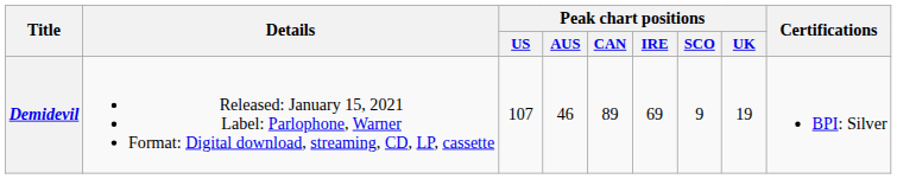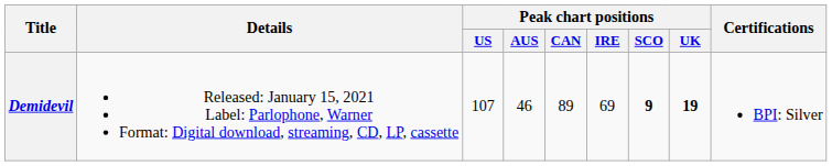 <table class="wikitable plainrowheaders" style="text-align:center;">
 <tr>
 <th scope="col" rowspan="2">Title</th>
 <th scope="col" rowspan="2">Details</th>
 <th scope="col" colspan="6">Peak chart positions</th>
 <th scope="col" rowspan="2">Certifications</th>
 </tr>
 <tr>
 <th scope="col" style="width:2.5em;font-size:90%;"><a href='#'>US</a><br></th>
 <th scope="col" style="width:2.5em;font-size:90%;"><a href='#'>AUS</a><br></th>
 <th scope="col" style="width:2.5em;font-size:90%;"><a href='#'>CAN</a><br></th>
 <th scope="col" style="width:2.5em;font-size:90%;"><a href='#'>IRE</a><br></th>
 <th scope="col" style="width:2.5em;font-size:90%;"><a href='#'>SCO</a><br></th>
 <th scope="col" style="width:2.5em;font-size:90%;"><a href='#'>UK</a><br></th>
 </tr>
 <tr>
 <th scope="row"><em><a href='#'>Demidevil</a></em></th>
 <td><br><ul><li>Released: January 15, 2021</li><li>Label: <a href='#'>Parlophone</a>, <a href='#'>Warner</a></li><li>Format: <a href='#'>Digital download</a>, <a href='#'>streaming</a>, <a href='#'>CD</a>, <a href='#'>LP</a>, <a href='#'>cassette</a></li></ul></td>
 <td>107</td>
 <td>46</td>
 <td>89</td>
 <td>69</td>
-<td>9</td>
-<td>19</td>
+<td><strong>9</strong></td>
+<td><strong>19</strong></td>
 <td><br><ul><li><a href='#'>BPI</a>: Silver</li></ul></td>
 </tr>
 </table>
